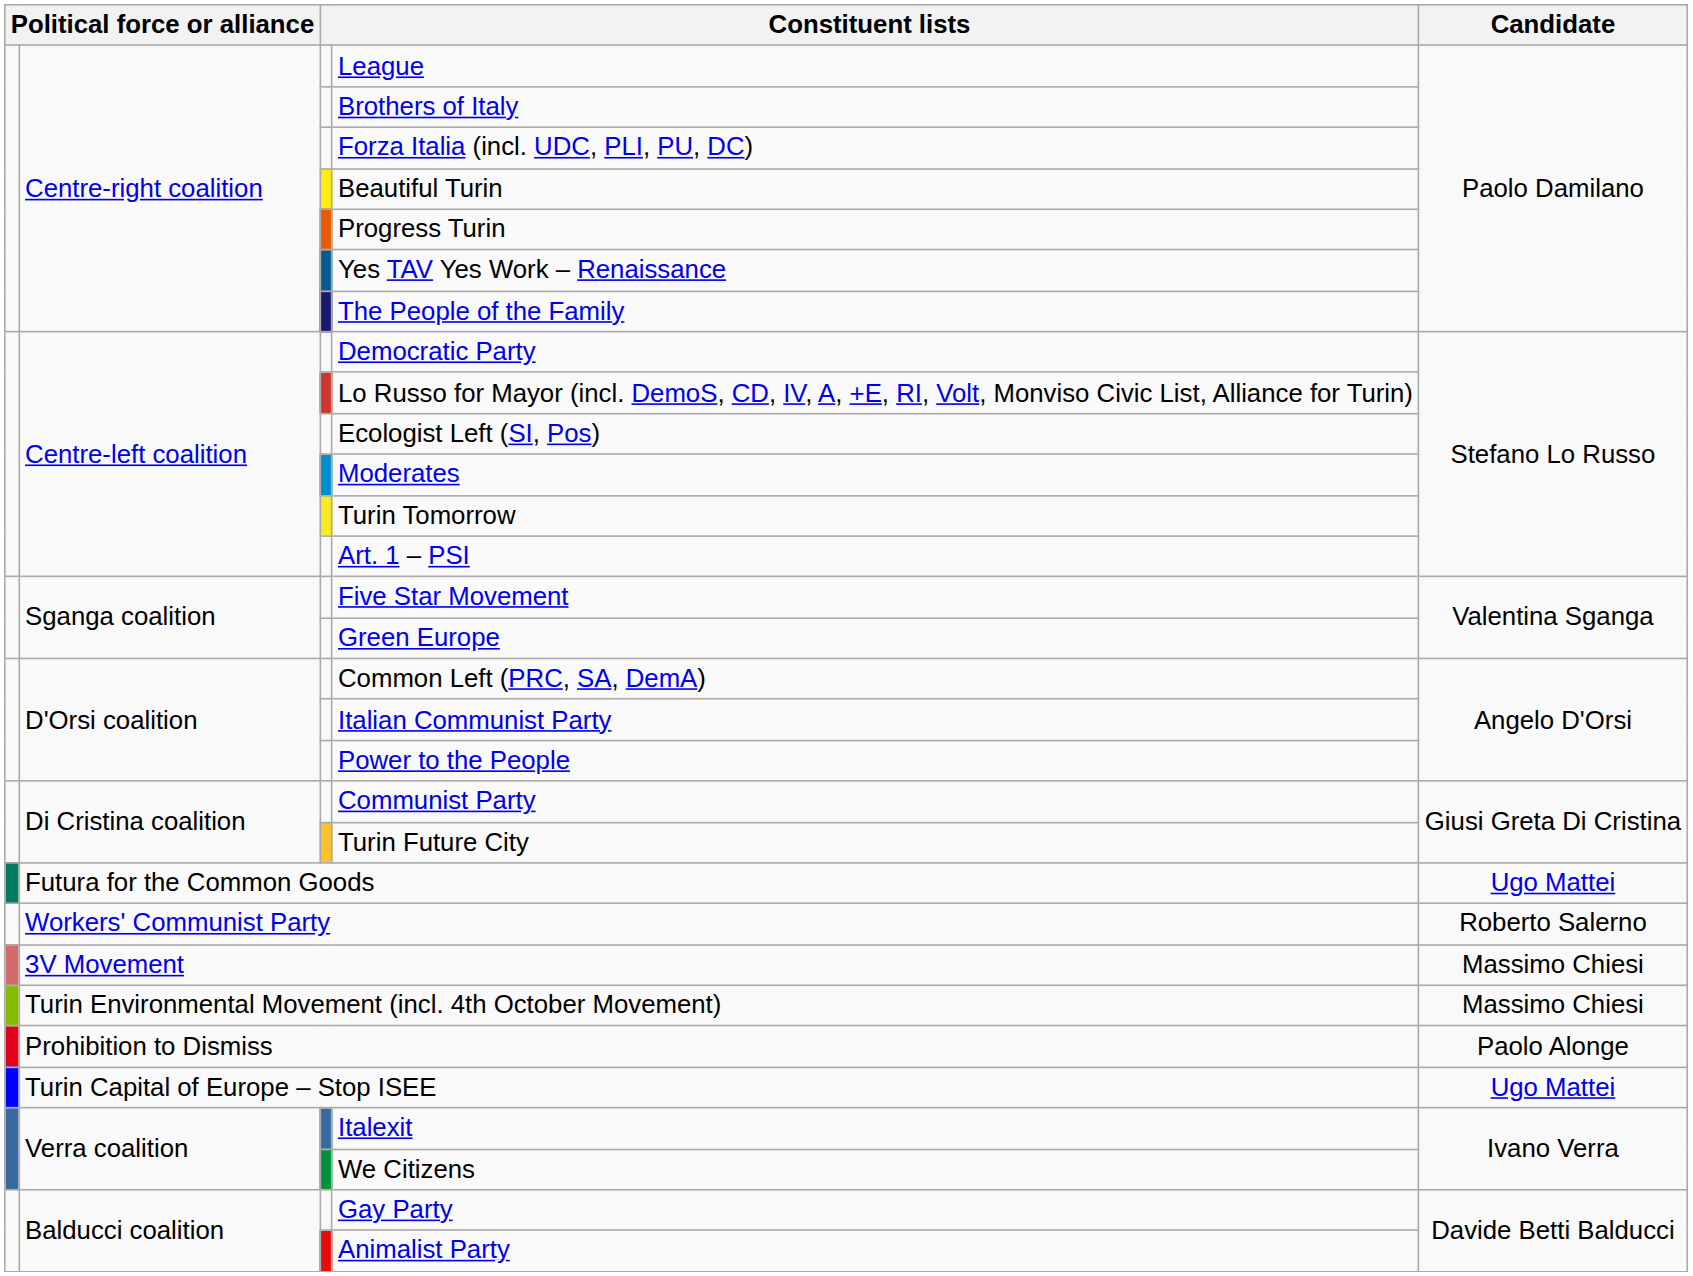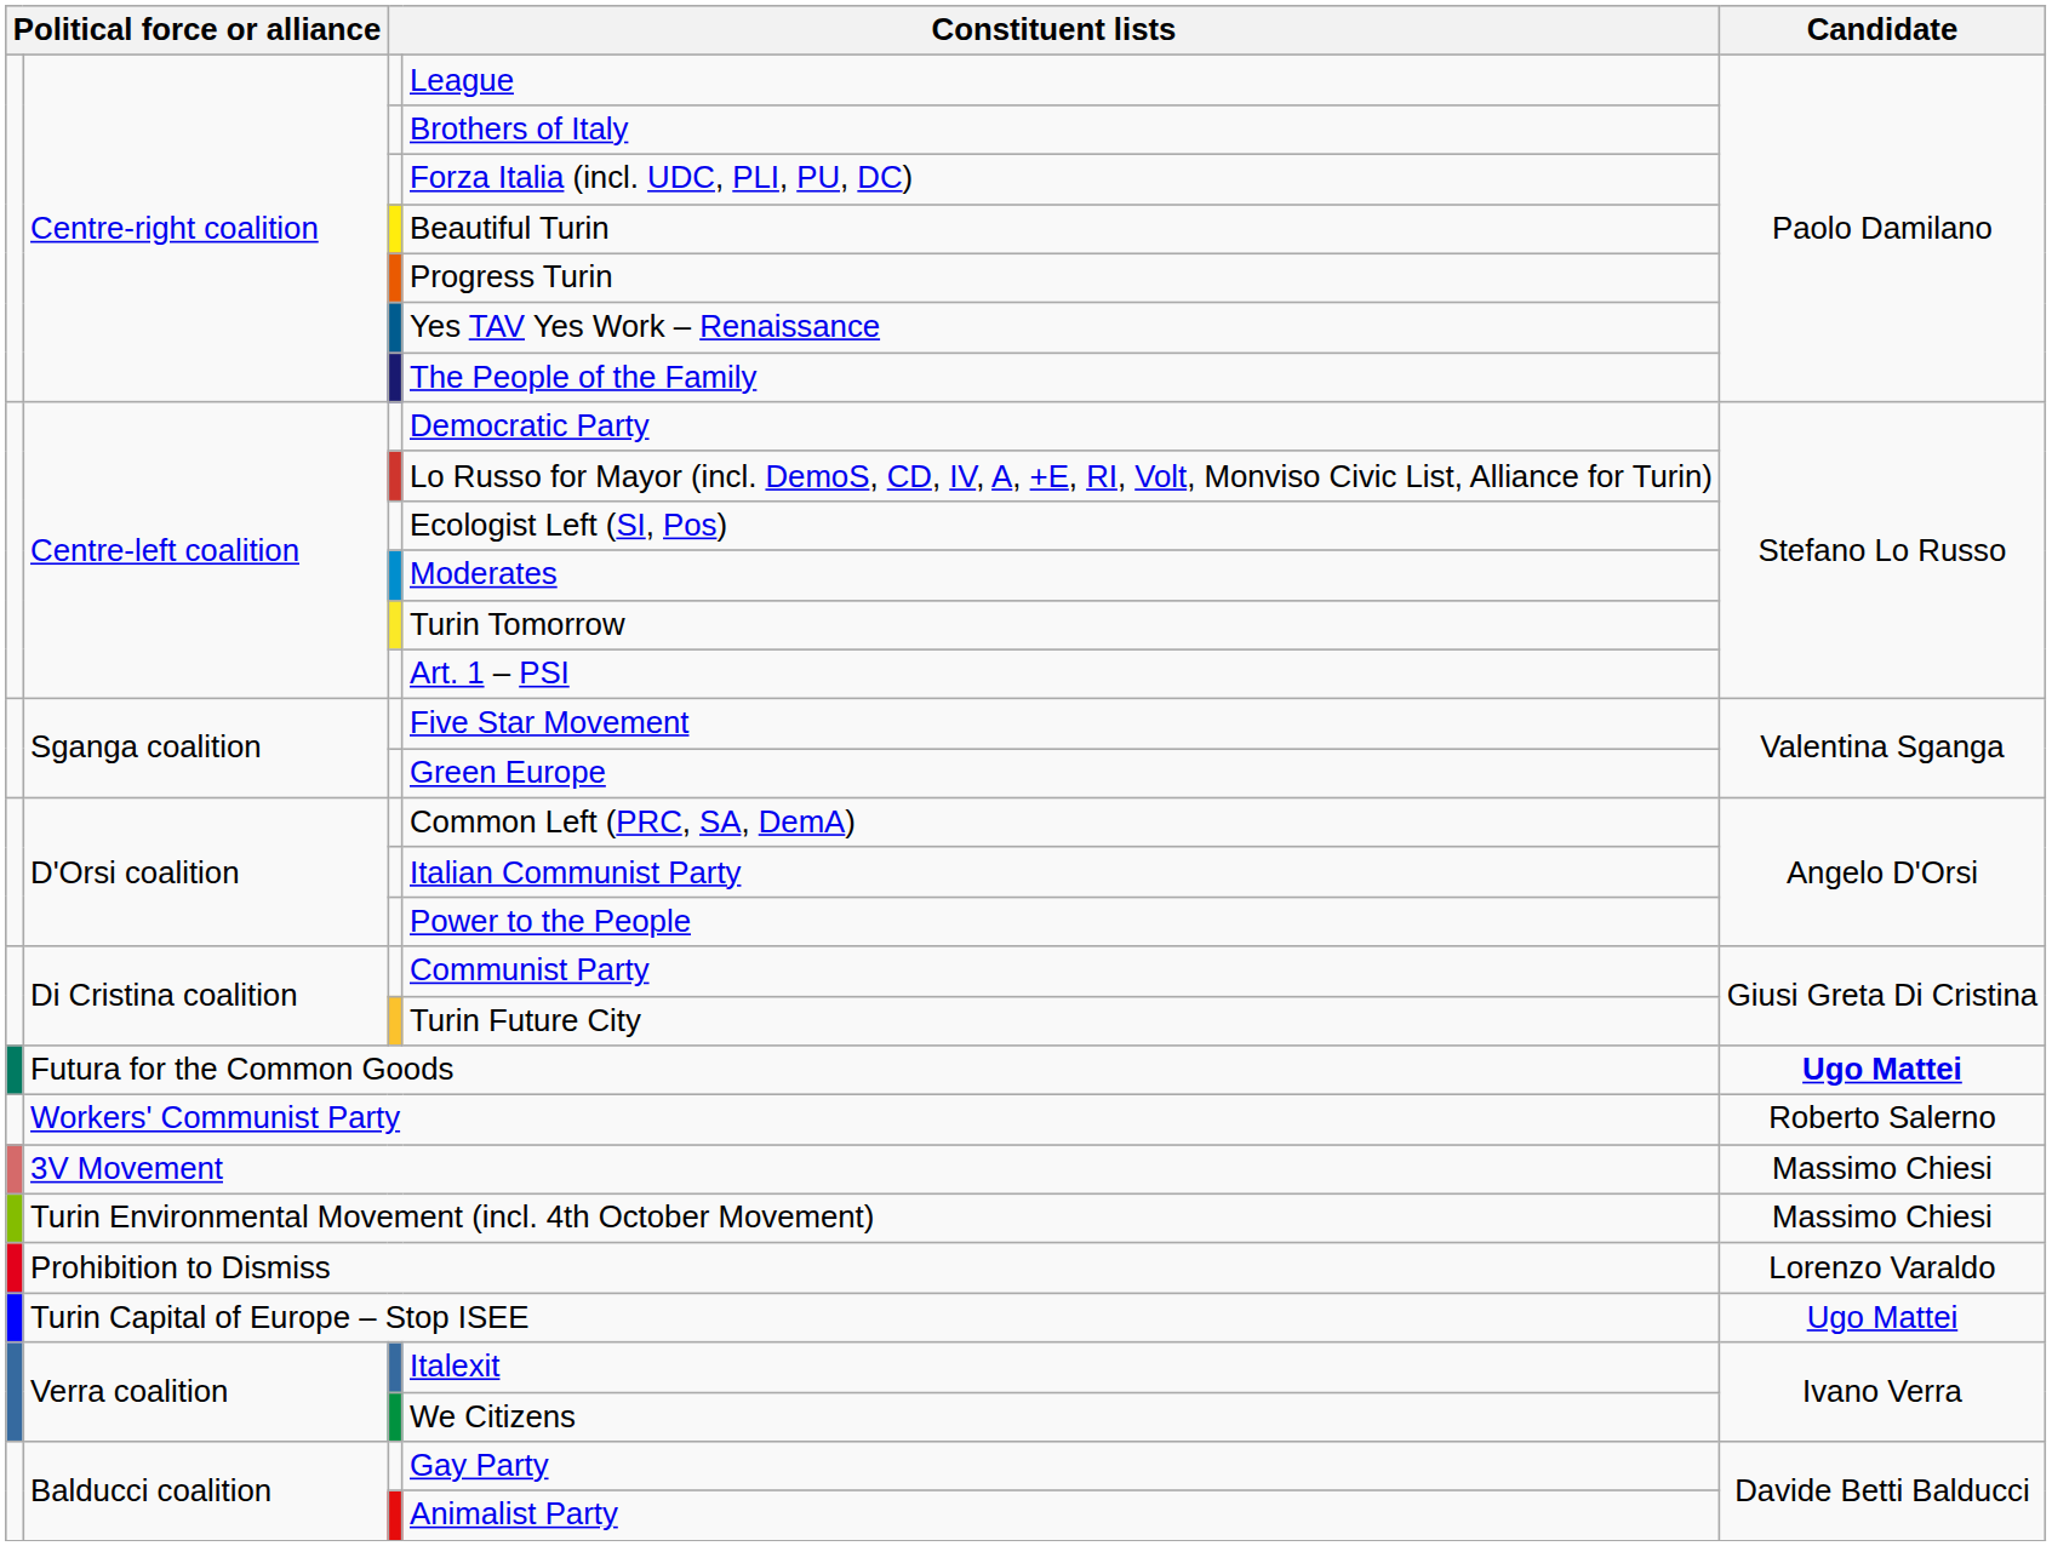 <table class=wikitable style=text-align:left>
 <tr>
 <th colspan=2>Political force or alliance</th>
 <th colspan=2>Constituent lists</th>
 <th>Candidate</th>
 </tr>
 <tr>
 <td rowspan=7 style="background:"></td>
 <td rowspan=7><a href='#'>Centre-right coalition</a></td>
 <td></td>
 <td style="text-align:left;"><a href='#'>League</a></td>
 <td rowspan=7 style="text-align:center;">Paolo Damilano</td>
 </tr>
 <tr>
 <td></td>
 <td style="text-align:left;"><a href='#'>Brothers of Italy</a></td>
 </tr>
 <tr>
 <td></td>
 <td style="text-align:left;"><a href='#'>Forza Italia</a> (incl. <a href='#'>UDC</a>, <a href='#'>PLI</a>, <a href='#'>PU</a>, <a href='#'>DC</a>)</td>
 </tr>
 <tr>
 <td bgcolor="FFED0D"></td>
 <td style="text-align:left;">Beautiful Turin</td>
 </tr>
 <tr>
 <td bgcolor="#EA5A01"></td>
 <td style="text-align:left;">Progress Turin</td>
 </tr>
 <tr>
 <td bgcolor="#005C8F"></td>
 <td style="text-align:left;">Yes <a href='#'>TAV</a> Yes Work – <a href='#'>Renaissance</a></td>
 </tr>
 <tr>
 <td bgcolor="#191970"></td>
 <td style="text-align:left;"><a href='#'>The People of the Family</a></td>
 </tr>
 <tr>
 <td rowspan="6" style="background-color:"></td>
 <td rowspan=6><a href='#'>Centre-left coalition</a></td>
 <td></td>
 <td style="text-align:left;"><a href='#'>Democratic Party</a></td>
 <td rowspan=6 style="text-align:center;">Stefano Lo Russo</td>
 </tr>
 <tr>
 <td bgcolor="#CF352D"></td>
 <td style="text-align:left;">Lo Russo for Mayor (incl. <a href='#'>DemoS</a>, <a href='#'>CD</a>, <a href='#'>IV</a>, <a href='#'>A</a>, <a href='#'>+E</a>, <a href='#'>RI</a>, <a href='#'>Volt</a>, Monviso Civic List, Alliance for Turin)</td>
 </tr>
 <tr>
 <td></td>
 <td style="text-align:left;">Ecologist Left (<a href='#'>SI</a>, <a href='#'>Pos</a>)</td>
 </tr>
 <tr>
 <td bgcolor="#008ECE"></td>
 <td style="text-align:left;"><a href='#'>Moderates</a></td>
 </tr>
 <tr>
 <td bgcolor="#FAE927"></td>
 <td style="text-align:left;">Turin Tomorrow</td>
 </tr>
 <tr>
 <td></td>
 <td style="text-align:left;"><a href='#'>Art. 1</a> – <a href='#'>PSI</a></td>
 </tr>
 <tr>
 <td rowspan=2></td>
 <td rowspan=2>Sganga coalition</td>
 <td></td>
 <td style="text-align:left;"><a href='#'>Five Star Movement</a></td>
 <td rowspan=2 style="text-align:center;">Valentina Sganga</td>
 </tr>
 <tr>
 <td></td>
 <td style="text-align:left;"><a href='#'>Green Europe</a></td>
 </tr>
 <tr>
 <td rowspan="3"></td>
 <td rowspan="3">D'Orsi coalition</td>
 <td></td>
 <td>Common Left (<a href='#'>PRC</a>, <a href='#'>SA</a>, <a href='#'>DemA</a>)</td>
 <td rowspan=3 style="text-align:center;">Angelo D'Orsi</td>
 </tr>
 <tr>
 <td></td>
 <td><a href='#'>Italian Communist Party</a></td>
 </tr>
 <tr>
 <td></td>
 <td><a href='#'>Power to the People</a></td>
 </tr>
 <tr>
 <td rowspan="2"></td>
 <td rowspan="2">Di Cristina coalition</td>
 <td></td>
 <td><a href='#'>Communist Party</a></td>
 <td rowspan="2" style="text-align:center;">Giusi Greta Di Cristina</td>
 </tr>
 <tr>
 <td bgcolor="#FBC22D"></td>
 <td>Turin Future City</td>
 </tr>
 <tr>
 <td bgcolor="#007A61"></td>
 <td colspan="3">Futura for the Common Goods</td>
-<td style="text-align:center;"><a href='#'>Ugo Mattei</a></td>
+<td style="text-align:center;"><strong><a href='#'>Ugo Mattei</a></strong></td>
 </tr>
 <tr>
 <td></td>
 <td colspan="3"><a href='#'>Workers' Communist Party</a></td>
 <td style="text-align:center;">Roberto Salerno</td>
 </tr>
 <tr>
 <td bgcolor="#D56A6A"></td>
 <td colspan="3"><a href='#'>3V Movement</a></td>
 <td style="text-align:center;">Massimo Chiesi</td>
 </tr>
 <tr>
 <td bgcolor="#84BD00"></td>
 <td colspan="3">Turin Environmental Movement (incl. 4th October Movement)</td>
 <td style="text-align:center;">Massimo Chiesi</td>
 </tr>
 <tr>
 <td bgcolor="#E3001B"></td>
 <td colspan="3">Prohibition to Dismiss</td>
-<td style="text-align:center;">Paolo Alonge</td>
+<td style="text-align:center;">Lorenzo Varaldo</td>
 </tr>
 <tr>
 <td bgcolor="#0102FD"></td>
 <td colspan="3">Turin Capital of Europe – Stop ISEE</td>
 <td style="text-align:center;"><a href='#'>Ugo Mattei</a></td>
 </tr>
 <tr>
 <td rowspan="2" bgcolor="#366A9F"></td>
 <td rowspan="2">Verra coalition</td>
 <td bgcolor="#366A9F"></td>
 <td><a href='#'>Italexit</a></td>
 <td rowspan="2" style="text-align:center;">Ivano Verra</td>
 </tr>
 <tr>
 <td bgcolor="#00923F"></td>
 <td>We Citizens</td>
 </tr>
 <tr>
 <td rowspan="2"></td>
 <td rowspan="2">Balducci coalition</td>
 <td></td>
 <td><a href='#'>Gay Party</a></td>
 <td rowspan="2" style="text-align:center;">Davide Betti Balducci</td>
 </tr>
 <tr>
 <td bgcolor="#E60C0C"></td>
 <td><a href='#'>Animalist Party</a></td>
 </tr>
 <tr>
 </tr>
 </table>
